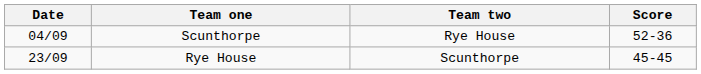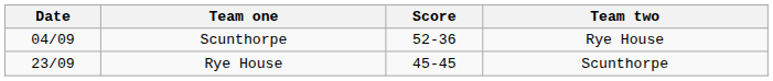 <table class="wikitable" style="text-align: center">
 <tr>
 <th width=80>Date</th>
 <th width=250>Team one</th>
+<th width=80>Score</th>
 <th width=250>Team two</th>
-<th width=80>Score</th>
 </tr>
 <tr>
 <td>04/09</td>
 <td>Scunthorpe</td>
+<td>52-36</td>
 <td>Rye House</td>
-<td>52-36</td>
 </tr>
 <tr>
 <td>23/09</td>
 <td>Rye House</td>
+<td>45-45</td>
 <td>Scunthorpe</td>
-<td>45-45</td>
 </tr>
 </table>
